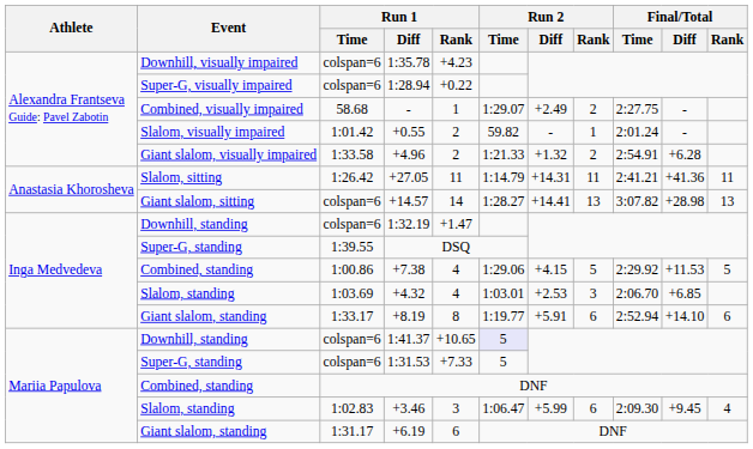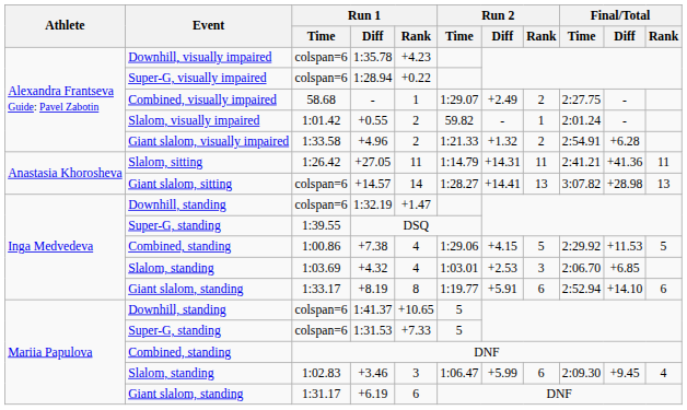 <table class="wikitable" style="font-size:90%">
 <tr>
 <th rowspan="2">Athlete</th>
 <th rowspan="2">Event</th>
 <th colspan="3">Run 1</th>
 <th colspan="3">Run 2</th>
 <th colspan="3">Final/Total</th>
 </tr>
 <tr>
 <th>Time</th>
 <th>Diff</th>
 <th>Rank</th>
 <th>Time</th>
 <th>Diff</th>
 <th>Rank</th>
 <th>Time</th>
 <th>Diff</th>
 <th>Rank</th>
 </tr>
 <tr>
 <td rowspan=5><a href='#'>Alexandra Frantseva</a><br><small><a href='#'>Guide</a>: <a href='#'>Pavel Zabotin</a></small></td>
 <td><a href='#'>Downhill, visually impaired</a></td>
 <td>colspan=6 </td>
 <td align="center">1:35.78</td>
 <td align="center">+4.23</td>
 <td align="center"></td>
 </tr>
 <tr>
 <td><a href='#'>Super-G, visually impaired</a></td>
 <td>colspan=6 </td>
 <td align="center">1:28.94</td>
 <td align="center">+0.22</td>
 <td align="center"></td>
 </tr>
 <tr>
 <td><a href='#'>Combined, visually impaired</a></td>
 <td align="center">58.68</td>
 <td align="center">-</td>
 <td align="center">1</td>
 <td align="center">1:29.07</td>
 <td align="center">+2.49</td>
 <td align="center">2</td>
 <td align="center">2:27.75</td>
 <td align="center">-</td>
 <td align="center"></td>
 </tr>
 <tr>
 <td><a href='#'>Slalom, visually impaired</a></td>
 <td align="center">1:01.42</td>
 <td align="center">+0.55</td>
 <td align="center">2</td>
 <td align="center">59.82</td>
 <td align="center">-</td>
 <td align="center">1</td>
 <td align="center">2:01.24</td>
 <td align="center">-</td>
 <td align="center"></td>
 </tr>
 <tr>
 <td><a href='#'>Giant slalom, visually impaired</a></td>
 <td align="center">1:33.58</td>
 <td align="center">+4.96</td>
 <td align="center">2</td>
 <td align="center">1:21.33</td>
 <td align="center">+1.32</td>
 <td align="center">2</td>
 <td align="center">2:54.91</td>
 <td align="center">+6.28</td>
 <td align="center"></td>
 </tr>
 <tr>
 <td rowspan=2><a href='#'>Anastasia Khorosheva</a></td>
 <td><a href='#'>Slalom, sitting</a></td>
 <td align="center">1:26.42</td>
 <td align="center">+27.05</td>
 <td align="center">11</td>
 <td align="center">1:14.79</td>
 <td align="center">+14.31</td>
 <td align="center">11</td>
 <td align="center">2:41.21</td>
 <td align="center">+41.36</td>
 <td align="center">11</td>
 </tr>
 <tr>
 <td><a href='#'>Giant slalom, sitting</a></td>
 <td>colspan=6 </td>
 <td align="center">+14.57</td>
 <td align="center">14</td>
 <td align="center">1:28.27</td>
 <td align="center">+14.41</td>
 <td align="center">13</td>
 <td align="center">3:07.82</td>
 <td align="center">+28.98</td>
 <td align="center">13</td>
 </tr>
 <tr>
 <td rowspan=5><a href='#'>Inga Medvedeva</a></td>
 <td><a href='#'>Downhill, standing</a></td>
 <td>colspan=6 </td>
 <td align="center">1:32.19</td>
 <td align="center">+1.47</td>
 <td align="center"></td>
 </tr>
 <tr>
 <td><a href='#'>Super-G, standing</a></td>
 <td align="center">1:39.55</td>
 <td align="center" colspan=3>DSQ</td>
 </tr>
 <tr>
 <td><a href='#'>Combined, standing</a></td>
 <td align="center">1:00.86</td>
 <td align="center">+7.38</td>
 <td align="center">4</td>
 <td align="center">1:29.06</td>
 <td align="center">+4.15</td>
 <td align="center">5</td>
 <td align="center">2:29.92</td>
 <td align="center">+11.53</td>
 <td align="center">5</td>
 </tr>
 <tr>
 <td><a href='#'>Slalom, standing</a></td>
 <td align="center">1:03.69</td>
 <td align="center">+4.32</td>
 <td align="center">4</td>
 <td align="center">1:03.01</td>
 <td align="center">+2.53</td>
 <td align="center">3</td>
 <td align="center">2:06.70</td>
 <td align="center">+6.85</td>
 <td align="center"></td>
 </tr>
 <tr>
 <td><a href='#'>Giant slalom, standing</a></td>
 <td align="center">1:33.17</td>
 <td align="center">+8.19</td>
 <td align="center">8</td>
 <td align="center">1:19.77</td>
 <td align="center">+5.91</td>
 <td align="center">6</td>
 <td align="center">2:52.94</td>
 <td align="center">+14.10</td>
 <td align="center">6</td>
 </tr>
 <tr>
 <td rowspan=5><a href='#'>Mariia Papulova</a></td>
 <td><a href='#'>Downhill, standing</a></td>
 <td>colspan=6 </td>
 <td align="center">1:41.37</td>
 <td align="center">+10.65</td>
-<td align="center" style="background: lavender;">5</td>
+<td align="center">5</td>
 </tr>
 <tr>
 <td><a href='#'>Super-G, standing</a></td>
 <td>colspan=6 </td>
 <td align="center">1:31.53</td>
 <td align="center">+7.33</td>
 <td align="center">5</td>
 </tr>
 <tr>
 <td><a href='#'>Combined, standing</a></td>
 <td align="center" colspan=9>DNF</td>
 </tr>
 <tr>
 <td><a href='#'>Slalom, standing</a></td>
 <td align="center">1:02.83</td>
 <td align="center">+3.46</td>
 <td align="center">3</td>
 <td align="center">1:06.47</td>
 <td align="center">+5.99</td>
 <td align="center">6</td>
 <td align="center">2:09.30</td>
 <td align="center">+9.45</td>
 <td align="center">4</td>
 </tr>
 <tr>
 <td><a href='#'>Giant slalom, standing</a></td>
 <td align="center">1:31.17</td>
 <td align="center">+6.19</td>
 <td align="center">6</td>
 <td align="center" colspan=6>DNF</td>
 </tr>
 </table>
